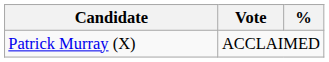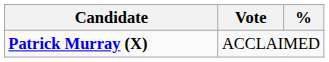 <table class="wikitable">
 <tr>
 <th bgcolor="#DDDDFF" width="200px">Candidate</th>
 <th bgcolor="#DDDDFF">Vote</th>
 <th bgcolor="#DDDDFF">%</th>
 </tr>
 <tr>
-<td><a href='#'>Patrick Murray</a> (X)</td>
+<td><strong><a href='#'>Patrick Murray</a> (X)</strong></td>
 <td colspan="2" align="center">ACCLAIMED</td>
 </tr>
 </table>
